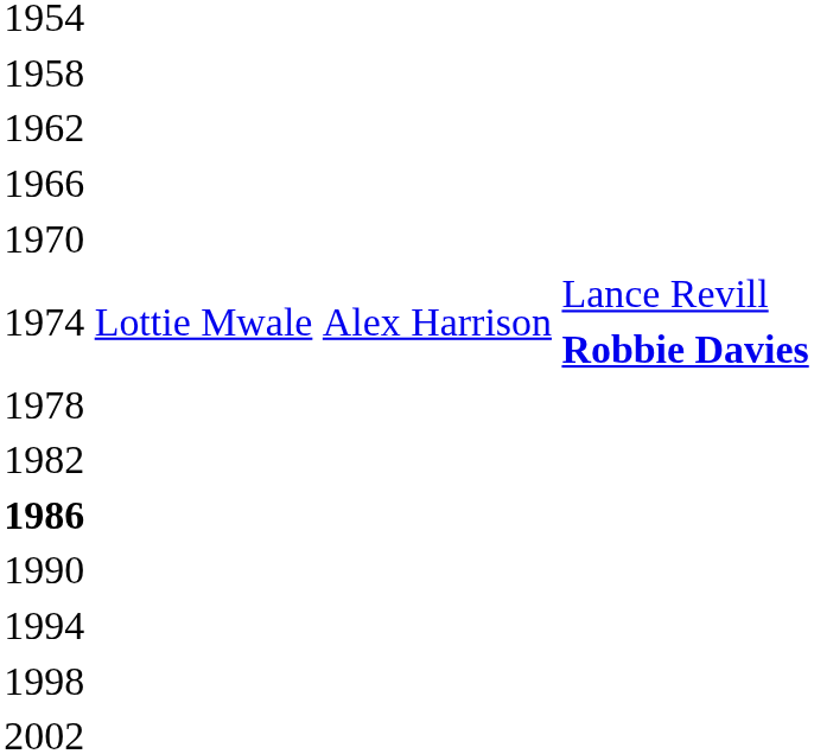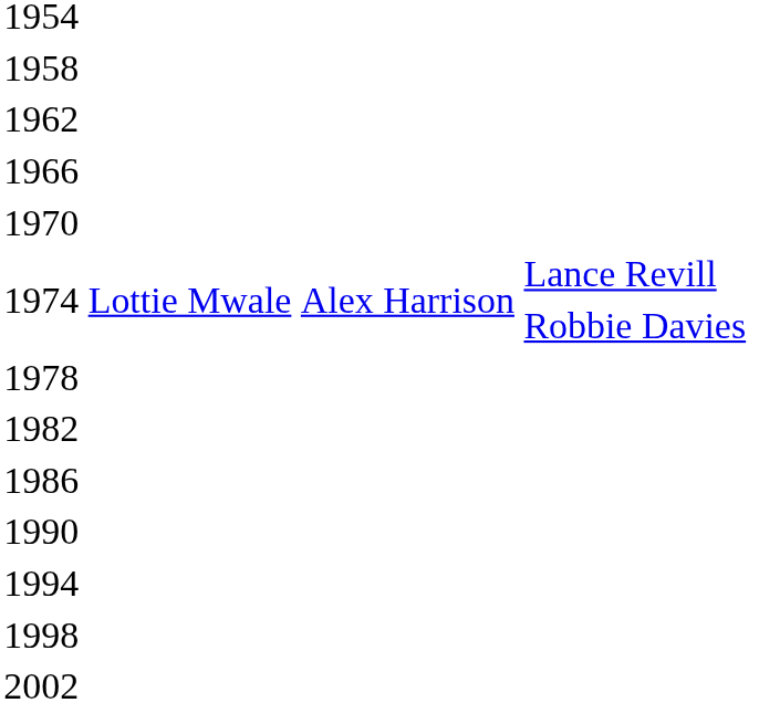 <table>
 <tr>
 <td>1954</td>
 <td></td>
 <td></td>
 <td></td>
 </tr>
 <tr>
 <td rowspan=2>1958</td>
 <td rowspan=2></td>
 <td rowspan=2></td>
 <td></td>
 </tr>
 <tr>
 <td></td>
 </tr>
 <tr>
 <td rowspan=2>1962</td>
 <td rowspan=2></td>
 <td rowspan=2></td>
 <td></td>
 </tr>
 <tr>
 <td></td>
 </tr>
 <tr>
 <td>1966</td>
 <td></td>
 <td></td>
 <td><br></td>
 </tr>
 <tr>
 <td rowspan=2>1970</td>
 <td rowspan=2></td>
 <td rowspan=2></td>
 <td></td>
 </tr>
 <tr>
 <td></td>
 </tr>
 <tr>
 <td rowspan=2>1974</td>
 <td rowspan=2> <a href='#'>Lottie Mwale</a></td>
 <td rowspan=2> <a href='#'>Alex Harrison</a></td>
 <td> <a href='#'>Lance Revill</a></td>
 </tr>
 <tr>
-<td><strong> <a href='#'>Robbie Davies</a></strong></td>
+<td> <a href='#'>Robbie Davies</a></td>
 </tr>
 <tr>
 <td rowspan=2>1978</td>
 <td rowspan=2></td>
 <td rowspan=2></td>
 <td></td>
 </tr>
 <tr>
 <td></td>
 </tr>
 <tr>
 <td rowspan=2>1982</td>
 <td rowspan=2></td>
 <td rowspan=2></td>
 <td></td>
 </tr>
 <tr>
 <td></td>
 </tr>
 <tr>
-<td><strong>1986</strong></td>
+<td>1986</td>
 <td></td>
 <td></td>
 <td><br></td>
 </tr>
 <tr>
 <td>1990</td>
 <td></td>
 <td></td>
 <td><br></td>
 </tr>
 <tr>
 <td>1994</td>
 <td></td>
 <td></td>
 <td><br></td>
 </tr>
 <tr>
 <td>1998</td>
 <td></td>
 <td></td>
 <td><br></td>
 </tr>
 <tr>
 <td rowspan=2>2002</td>
 <td rowspan=2></td>
 <td rowspan=2></td>
 <td></td>
 </tr>
 <tr>
 <td></td>
 </tr>
 </table>
